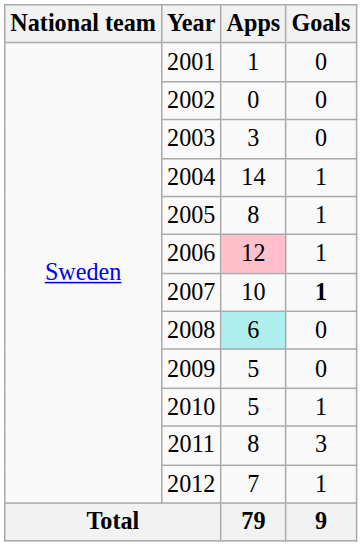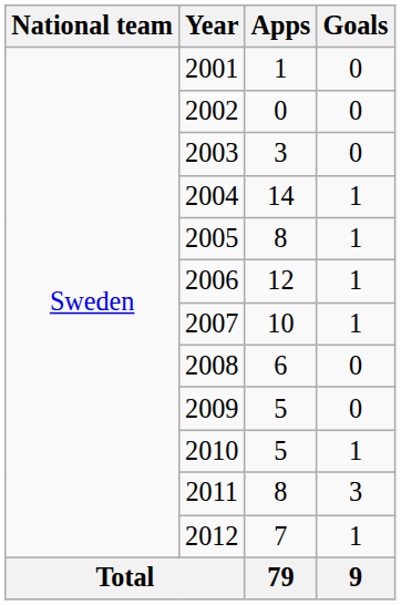 <table class="wikitable" style="text-align:center">
 <tr>
 <th>National team</th>
 <th>Year</th>
 <th>Apps</th>
 <th>Goals</th>
 </tr>
 <tr>
 <td rowspan="12"><a href='#'>Sweden</a></td>
 <td>2001</td>
 <td>1</td>
 <td>0</td>
 </tr>
 <tr>
 <td>2002</td>
 <td>0</td>
 <td>0</td>
 </tr>
 <tr>
 <td>2003</td>
 <td>3</td>
 <td>0</td>
 </tr>
 <tr>
 <td>2004</td>
 <td>14</td>
 <td>1</td>
 </tr>
 <tr>
 <td>2005</td>
 <td>8</td>
 <td>1</td>
 </tr>
 <tr>
 <td>2006</td>
-<td style="background: pink;">12</td>
+<td>12</td>
 <td>1</td>
 </tr>
 <tr>
 <td>2007</td>
 <td>10</td>
-<td><strong>1</strong></td>
+<td>1</td>
 </tr>
 <tr>
 <td>2008</td>
-<td style="background: paleturquoise;">6</td>
+<td>6</td>
 <td>0</td>
 </tr>
 <tr>
 <td>2009</td>
 <td>5</td>
 <td>0</td>
 </tr>
 <tr>
 <td>2010</td>
 <td>5</td>
 <td>1</td>
 </tr>
 <tr>
 <td>2011</td>
 <td>8</td>
 <td>3</td>
 </tr>
 <tr>
 <td>2012</td>
 <td>7</td>
 <td>1</td>
 </tr>
 <tr>
 <th colspan="2">Total</th>
 <th>79</th>
 <th>9</th>
 </tr>
 </table>
